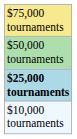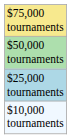 <table class="wikitable" style="font-size:85%;" width=12%>
 <tr bgcolor="#F7E98E">
 <td>$75,000 tournaments</td>
 </tr>
 <tr bgcolor="#ADDFAD">
 <td>$50,000 tournaments</td>
 </tr>
 <tr style="background:lightblue;">
-<td><strong>$25,000 tournaments</strong></td>
+<td>$25,000 tournaments</td>
 </tr>
 <tr bgcolor="#f0f8ff">
 <td>$10,000 tournaments</td>
 </tr>
 </table>
